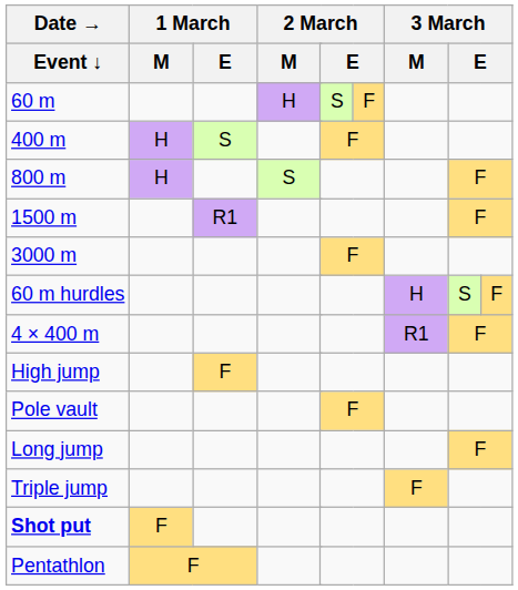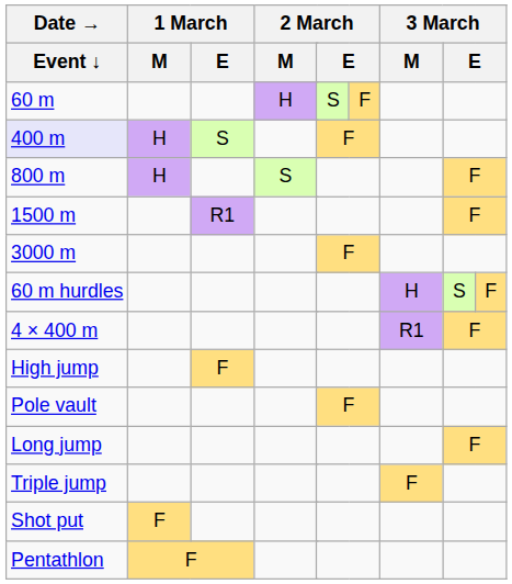 <table class="wikitable mw-datatable" style="margin:0.5em auto; font-size:90%; line-height:1.5em;">
 <tr align=center>
 <th>Date →</th>
 <th width=80px colspan=4>1 March</th>
 <th width=80px colspan=4>2 March</th>
 <th width=80px colspan=4>3 March</th>
 </tr>
 <tr>
 <th>Event ↓</th>
 <th width=40px colspan=2>M</th>
 <th width=40px colspan=2>E</th>
 <th width=40px colspan=2>M</th>
 <th width=40px colspan=2>E</th>
 <th width=40px colspan=2>M</th>
 <th width=40px colspan=2>E</th>
 </tr>
 <tr align=center>
 <td align=left><a href='#'>60 m</a></td>
 <td colspan=2></td>
 <td colspan=2></td>
 <td bgcolor="#D0A9F5" colspan=2>H</td>
 <td bgcolor="#D9FFB2">S</td>
 <td bgcolor="#FFDF80">F</td>
 <td colspan=2></td>
 <td colspan=2></td>
 </tr>
 <tr align=center>
-<td align=left><a href='#'>400 m</a></td>
+<td align=left style="background: lavender;"><a href='#'>400 m</a></td>
 <td bgcolor="#D0A9F5" colspan=2>H</td>
 <td bgcolor="#D9FFB2" colspan=2>S</td>
 <td colspan=2></td>
 <td bgcolor="#FFDF80" colspan=2>F</td>
 <td colspan=2></td>
 <td colspan=2></td>
 </tr>
 <tr align=center>
 <td align=left><a href='#'>800 m</a></td>
 <td bgcolor="#D0A9F5" colspan=2>H</td>
 <td colspan=2></td>
 <td bgcolor="#D9FFB2" colspan=2>S</td>
 <td colspan=2></td>
 <td colspan=2></td>
 <td bgcolor="#FFDF80" colspan=2>F</td>
 </tr>
 <tr align=center>
 <td align=left><a href='#'>1500 m</a></td>
 <td colspan=2></td>
 <td bgcolor="#D0A9F5" colspan=2>R1</td>
 <td colspan=2></td>
 <td colspan=2></td>
 <td colspan=2></td>
 <td bgcolor="#FFDF80" colspan=2>F</td>
 </tr>
 <tr align=center>
 <td align=left><a href='#'>3000 m</a></td>
 <td colspan=2></td>
 <td colspan=2></td>
 <td colspan=2></td>
 <td bgcolor="#FFDF80" colspan=2>F</td>
 <td colspan=2></td>
 <td colspan=2></td>
 </tr>
 <tr align=center>
 <td align=left><a href='#'>60 m hurdles</a></td>
 <td colspan=2></td>
 <td colspan=2></td>
 <td colspan=2></td>
 <td colspan=2></td>
 <td bgcolor="#D0A9F5" colspan=2>H</td>
 <td bgcolor="#D9FFB2">S</td>
 <td bgcolor="#FFDF80">F</td>
 </tr>
 <tr align=center>
 <td align=left><a href='#'>4 × 400 m</a></td>
 <td colspan=2></td>
 <td colspan=2></td>
 <td colspan=2></td>
 <td colspan=2></td>
 <td bgcolor="#D0A9F5" colspan=2>R1</td>
 <td bgcolor="#FFDF80" colspan=2>F</td>
 </tr>
 <tr align=center>
 <td align=left><a href='#'>High jump</a></td>
 <td colspan=2></td>
 <td bgcolor="#FFDF80" colspan=2>F</td>
 <td colspan=2></td>
 <td colspan=2></td>
 <td colspan=2></td>
 <td colspan=2></td>
 </tr>
 <tr align=center>
 <td align=left><a href='#'>Pole vault</a></td>
 <td colspan=2></td>
 <td colspan=2></td>
 <td colspan=2></td>
 <td bgcolor="#FFDF80" colspan=2>F</td>
 <td colspan=2></td>
 <td colspan=2></td>
 </tr>
 <tr align=center>
 <td align=left><a href='#'>Long jump</a></td>
 <td colspan=2></td>
 <td colspan=2></td>
 <td colspan=2></td>
 <td colspan=2></td>
 <td colspan=2></td>
 <td bgcolor="#FFDF80" colspan=2>F</td>
 </tr>
 <tr align=center>
 <td align=left><a href='#'>Triple jump</a></td>
 <td colspan=2></td>
 <td colspan=2></td>
 <td colspan=2></td>
 <td colspan=2></td>
 <td bgcolor="#FFDF80" colspan=2>F</td>
 <td colspan=2></td>
 </tr>
 <tr align=center>
-<td align=left><strong><a href='#'>Shot put</a></strong></td>
+<td align=left><a href='#'>Shot put</a></td>
 <td bgcolor="#FFDF80" colspan=2>F</td>
 <td colspan=2></td>
 <td colspan=2></td>
 <td colspan=2></td>
 <td colspan=2></td>
 <td colspan=2></td>
 </tr>
 <tr align=center>
 <td align=left><a href='#'>Pentathlon</a></td>
 <td bgcolor="#FFDF80" colspan=4>F</td>
 <td colspan=2></td>
 <td colspan=2></td>
 <td colspan=2></td>
 <td colspan=2></td>
 </tr>
 </table>
